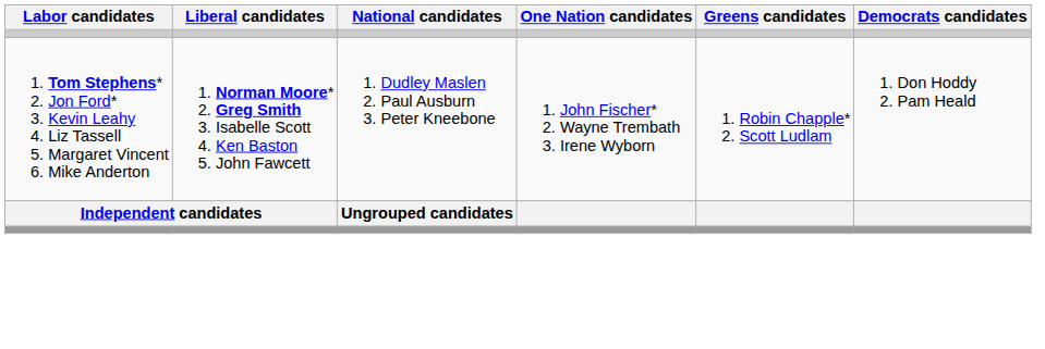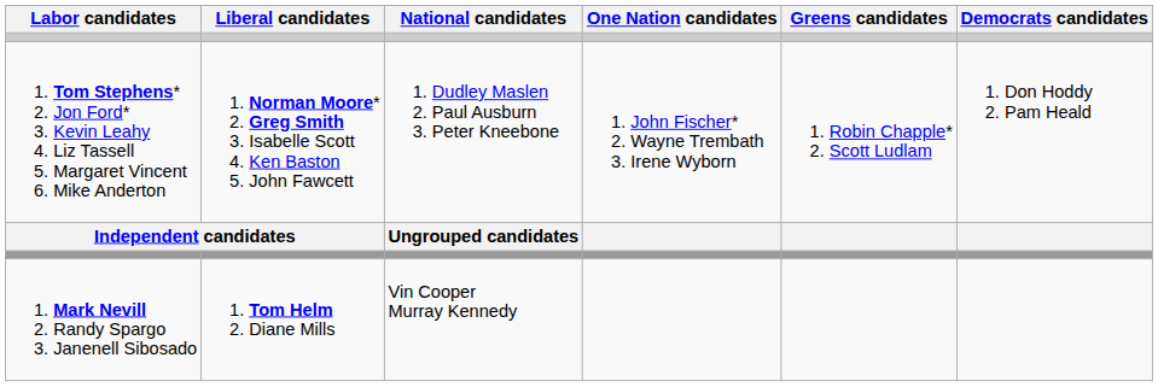 <table class="wikitable">
 <tr>
 <th><a href='#'>Labor</a> candidates</th>
 <th><a href='#'>Liberal</a> candidates</th>
 <th><a href='#'>National</a> candidates</th>
 <th><a href='#'>One Nation</a> candidates</th>
 <th><a href='#'>Greens</a> candidates</th>
 <th><a href='#'>Democrats</a> candidates</th>
 </tr>
 <tr bgcolor="#cccccc">
 <td></td>
 <td></td>
 <td></td>
 <td></td>
 <td></td>
 <td></td>
 </tr>
 <tr>
 <td><br><ol><li><strong><a href='#'>Tom Stephens</a></strong>*</li><li><a href='#'>Jon Ford</a>*</li><li><a href='#'>Kevin Leahy</a></li><li>Liz Tassell</li><li>Margaret Vincent</li><li>Mike Anderton</li></ol></td>
 <td><br><ol><li><strong><a href='#'>Norman Moore</a></strong>*</li><li><strong><a href='#'>Greg Smith</a></strong></li><li>Isabelle Scott</li><li><a href='#'>Ken Baston</a></li><li>John Fawcett</li></ol></td>
 <td valign=top><br><ol><li><a href='#'>Dudley Maslen</a></li><li>Paul Ausburn</li><li>Peter Kneebone</li></ol></td>
 <td><br><ol><li><a href='#'>John Fischer</a>*</li><li>Wayne Trembath</li><li>Irene Wyborn</li></ol></td>
 <td><br><ol><li><a href='#'>Robin Chapple</a>*</li><li><a href='#'>Scott Ludlam</a></li></ol></td>
 <td valign=top><br><ol><li>Don Hoddy</li><li>Pam Heald</li></ol></td>
 </tr>
 <tr bgcolor="#cccccc">
 <th colspan="2"><a href='#'>Independent</a> candidates</th>
 <th>Ungrouped candidates</th>
 <th></th>
 <th></th>
 <th></th>
 </tr>
 <tr bgcolor="#999999">
 <td bgcolor="#999999"></td>
 <td bgcolor="#999999"></td>
 <td bgcolor="#999999"></td>
 <td bgcolor="#999999"></td>
 <td bgcolor="#999999"></td>
 <td bgcolor="#999999"></td>
 </tr>
+<tr>
+<td valign=top><br><ol><li><strong><a href='#'>Mark Nevill</a></strong></li><li>Randy Spargo</li><li>Janenell Sibosado</li></ol></td>
+<td valign=top><br><ol><li><strong><a href='#'>Tom Helm</a></strong></li><li>Diane Mills</li></ol></td>
+<td valign=top><br>Vin Cooper<br> Murray Kennedy</td>
+<td valign=top></td>
+<td valign=top></td>
+<td valign=top></td>
+</tr>
 </table>
